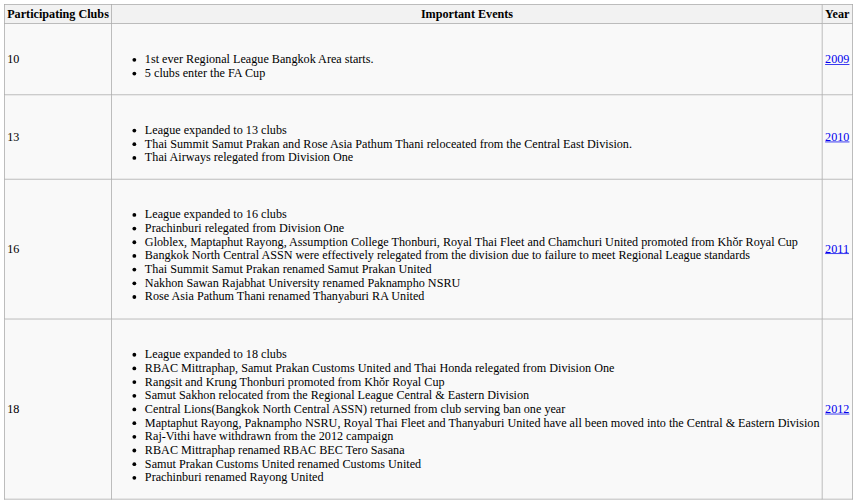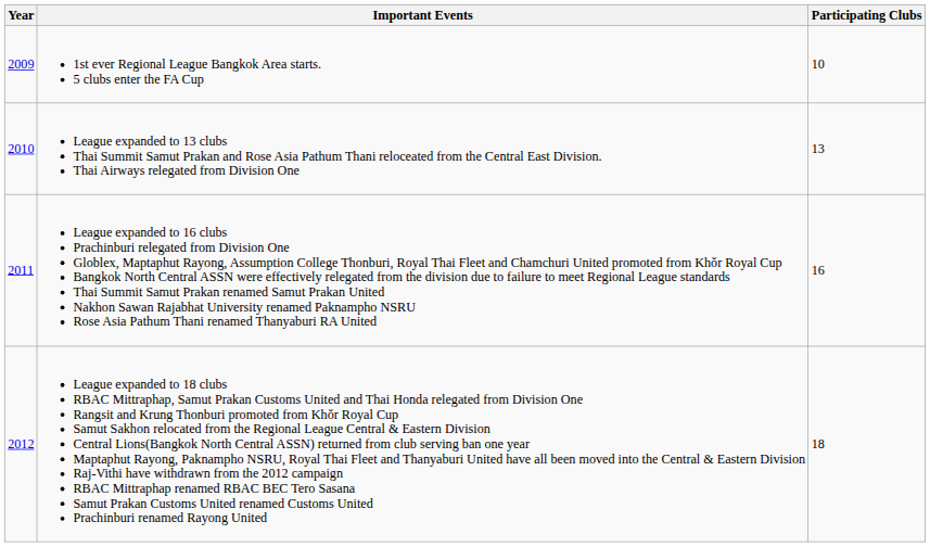 <table class="wikitable">
 <tr>
+<th>Year</th>
+<th>Important Events</th>
 <th>Participating Clubs</th>
-<th>Important Events</th>
-<th>Year</th>
 </tr>
 <tr>
+<td><a href='#'>2009</a></td>
+<td><br><ul><li>1st ever Regional League Bangkok Area starts.</li><li>5 clubs enter the FA Cup</li></ul></td>
 <td>10</td>
-<td><br><ul><li>1st ever Regional League Bangkok Area starts.</li><li>5 clubs enter the FA Cup</li></ul></td>
-<td><a href='#'>2009</a></td>
 </tr>
 <tr>
+<td><a href='#'>2010</a></td>
+<td><br><ul><li>League expanded to 13 clubs</li><li>Thai Summit Samut Prakan and Rose Asia Pathum Thani reloceated from the Central East Division.</li><li>Thai Airways relegated from Division One</li></ul></td>
 <td>13</td>
-<td><br><ul><li>League expanded to 13 clubs</li><li>Thai Summit Samut Prakan and Rose Asia Pathum Thani reloceated from the Central East Division.</li><li>Thai Airways relegated from Division One</li></ul></td>
-<td><a href='#'>2010</a></td>
 </tr>
 <tr>
+<td><a href='#'>2011</a></td>
+<td><br><ul><li>League expanded to 16 clubs</li><li>Prachinburi relegated from Division One</li><li>Globlex, Maptaphut Rayong, Assumption College Thonburi, Royal Thai Fleet and Chamchuri United promoted from Khǒr Royal Cup</li><li>Bangkok North Central ASSN were effectively relegated from the division due to failure to meet Regional League standards</li><li>Thai Summit Samut Prakan renamed Samut Prakan United</li><li>Nakhon Sawan Rajabhat University renamed Paknampho NSRU</li><li>Rose Asia Pathum Thani renamed Thanyaburi RA United</li></ul></td>
 <td>16</td>
-<td><br><ul><li>League expanded to 16 clubs</li><li>Prachinburi relegated from Division One</li><li>Globlex, Maptaphut Rayong, Assumption College Thonburi, Royal Thai Fleet and Chamchuri United promoted from Khǒr Royal Cup</li><li>Bangkok North Central ASSN were effectively relegated from the division due to failure to meet Regional League standards</li><li>Thai Summit Samut Prakan renamed Samut Prakan United</li><li>Nakhon Sawan Rajabhat University renamed Paknampho NSRU</li><li>Rose Asia Pathum Thani renamed Thanyaburi RA United</li></ul></td>
-<td><a href='#'>2011</a></td>
 </tr>
 <tr>
+<td><a href='#'>2012</a></td>
+<td><br><ul><li>League expanded to 18 clubs</li><li>RBAC Mittraphap, Samut Prakan Customs United and Thai Honda relegated from Division One</li><li>Rangsit and Krung Thonburi promoted from Khǒr Royal Cup</li><li>Samut Sakhon relocated from the Regional League Central & Eastern Division</li><li>Central Lions(Bangkok North Central ASSN) returned from club serving ban one year</li><li>Maptaphut Rayong, Paknampho NSRU, Royal Thai Fleet and Thanyaburi United have all been moved into the Central & Eastern Division</li><li>Raj-Vithi have withdrawn from the 2012 campaign</li><li>RBAC Mittraphap renamed RBAC BEC Tero Sasana</li><li>Samut Prakan Customs United renamed Customs United</li><li>Prachinburi renamed Rayong United</li></ul></td>
 <td>18</td>
-<td><br><ul><li>League expanded to 18 clubs</li><li>RBAC Mittraphap, Samut Prakan Customs United and Thai Honda relegated from Division One</li><li>Rangsit and Krung Thonburi promoted from Khǒr Royal Cup</li><li>Samut Sakhon relocated from the Regional League Central & Eastern Division</li><li>Central Lions(Bangkok North Central ASSN) returned from club serving ban one year</li><li>Maptaphut Rayong, Paknampho NSRU, Royal Thai Fleet and Thanyaburi United have all been moved into the Central & Eastern Division</li><li>Raj-Vithi have withdrawn from the 2012 campaign</li><li>RBAC Mittraphap renamed RBAC BEC Tero Sasana</li><li>Samut Prakan Customs United renamed Customs United</li><li>Prachinburi renamed Rayong United</li></ul></td>
-<td><a href='#'>2012</a></td>
 </tr>
 </table>
